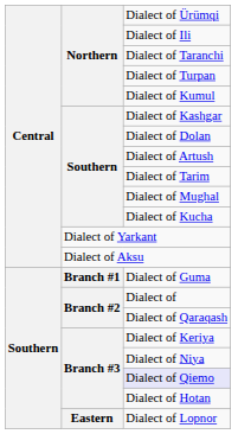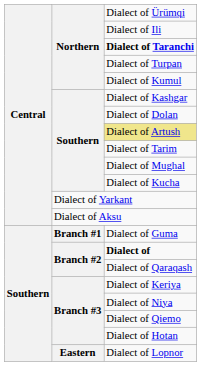 <table class="wikitable">
 <tr>
 <th rowspan="13">Central</th>
 <th rowspan="5">Northern</th>
 <td>Dialect of <a href='#'>Ürümqi</a></td>
 </tr>
 <tr>
 <td>Dialect of <a href='#'>Ili</a></td>
 </tr>
 <tr>
-<td>Dialect of <a href='#'>Taranchi</a></td>
+<td><strong>Dialect of <a href='#'>Taranchi</a></strong></td>
 </tr>
 <tr>
 <td>Dialect of <a href='#'>Turpan</a></td>
 </tr>
 <tr>
 <td>Dialect of <a href='#'>Kumul</a></td>
 </tr>
 <tr>
 <th rowspan="6">Southern</th>
 <td>Dialect of <a href='#'>Kashgar</a></td>
 </tr>
 <tr>
 <td>Dialect of <a href='#'>Dolan</a></td>
 </tr>
 <tr>
-<td>Dialect of <a href='#'>Artush</a></td>
+<td style="background: khaki;">Dialect of <a href='#'>Artush</a></td>
 </tr>
 <tr>
 <td>Dialect of <a href='#'>Tarim</a></td>
 </tr>
 <tr>
 <td>Dialect of <a href='#'>Mughal</a></td>
 </tr>
 <tr>
 <td>Dialect of <a href='#'>Kucha</a></td>
 </tr>
 <tr>
 <td colspan="2">Dialect of <a href='#'>Yarkant</a></td>
 </tr>
 <tr>
 <td colspan="2">Dialect of <a href='#'>Aksu</a></td>
 </tr>
 <tr>
 <th rowspan="8">Southern</th>
 <th>Branch #1</th>
 <td>Dialect of <a href='#'>Guma</a></td>
 </tr>
 <tr>
 <th rowspan="2">Branch #2</th>
-<td>Dialect of </td>
+<td><strong>Dialect of </strong></td>
 </tr>
 <tr>
 <td>Dialect of <a href='#'>Qaraqash</a></td>
 </tr>
 <tr>
 <th rowspan="4">Branch #3</th>
 <td>Dialect of <a href='#'>Keriya</a></td>
 </tr>
 <tr>
 <td>Dialect of <a href='#'>Niya</a></td>
 </tr>
 <tr>
-<td style="background: lavender;">Dialect of <a href='#'>Qiemo</a></td>
+<td>Dialect of <a href='#'>Qiemo</a></td>
 </tr>
 <tr>
 <td colspan="2">Dialect of <a href='#'>Hotan</a></td>
 </tr>
 <tr>
 <th>Eastern</th>
 <td colspan="2">Dialect of <a href='#'>Lopnor</a></td>
 </tr>
 </table>
